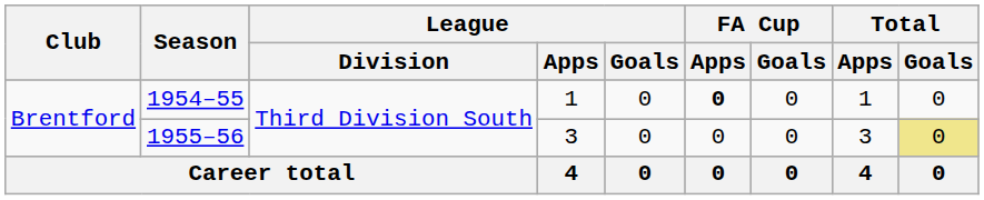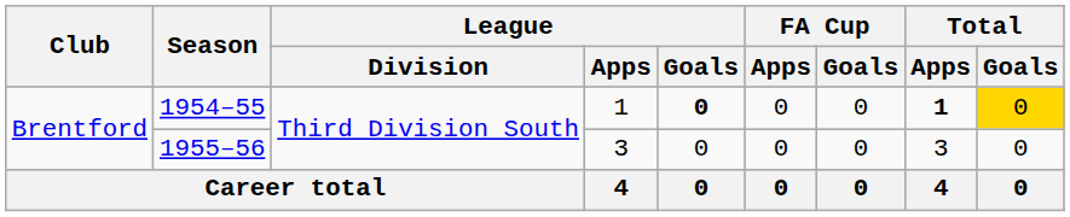 <table class="wikitable" style="text-align: center;">
 <tr>
 <th rowspan="2">Club</th>
 <th rowspan="2">Season</th>
 <th colspan="3">League</th>
 <th colspan="2">FA Cup</th>
 <th colspan="2">Total</th>
 </tr>
 <tr>
 <th>Division</th>
 <th>Apps</th>
 <th>Goals</th>
 <th>Apps</th>
 <th>Goals</th>
 <th>Apps</th>
 <th>Goals</th>
 </tr>
 <tr>
 <td rowspan="2"><a href='#'>Brentford</a></td>
 <td><a href='#'>1954–55</a></td>
 <td rowspan="2"><a href='#'>Third Division South</a></td>
 <td>1</td>
-<td>0</td>
 <td><strong>0</strong></td>
 <td>0</td>
-<td>1</td>
 <td>0</td>
+<td><strong>1</strong></td>
+<td style="background: gold;">0</td>
 </tr>
 <tr>
 <td><a href='#'>1955–56</a></td>
 <td>3</td>
 <td>0</td>
 <td>0</td>
 <td>0</td>
 <td>3</td>
-<td style="background: khaki;">0</td>
+<td>0</td>
 </tr>
 <tr>
 <th colspan="3">Career total</th>
 <th>4</th>
 <th>0</th>
 <th>0</th>
 <th>0</th>
 <th>4</th>
 <th>0</th>
 </tr>
 </table>
